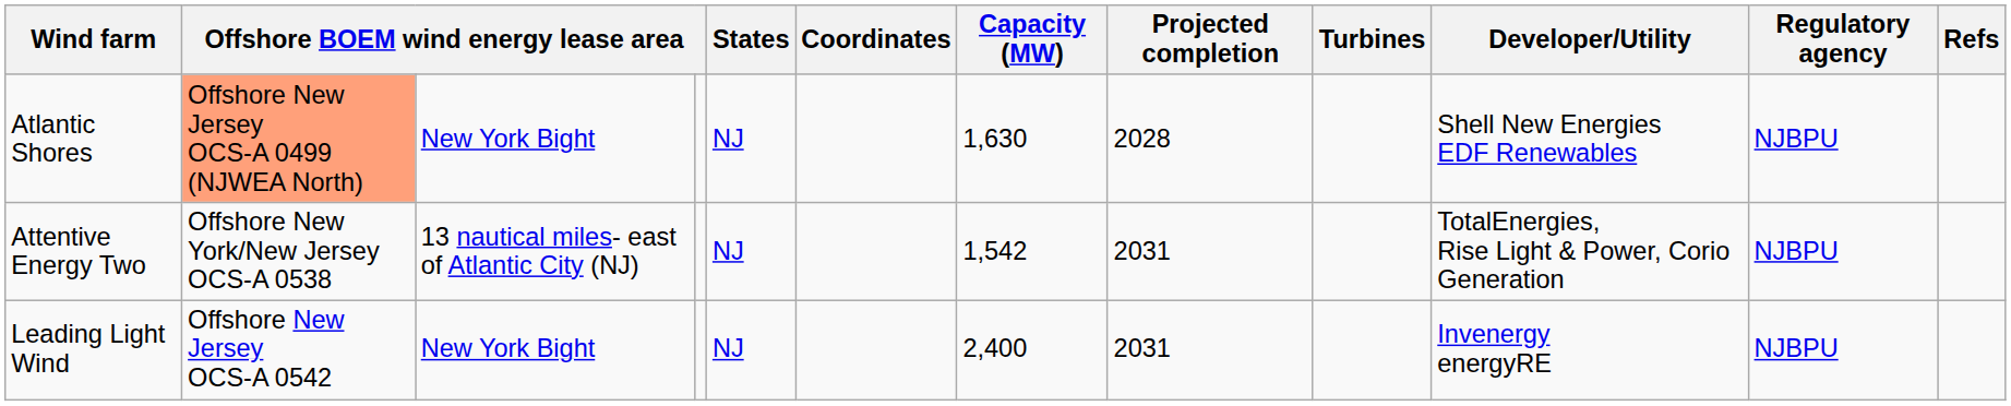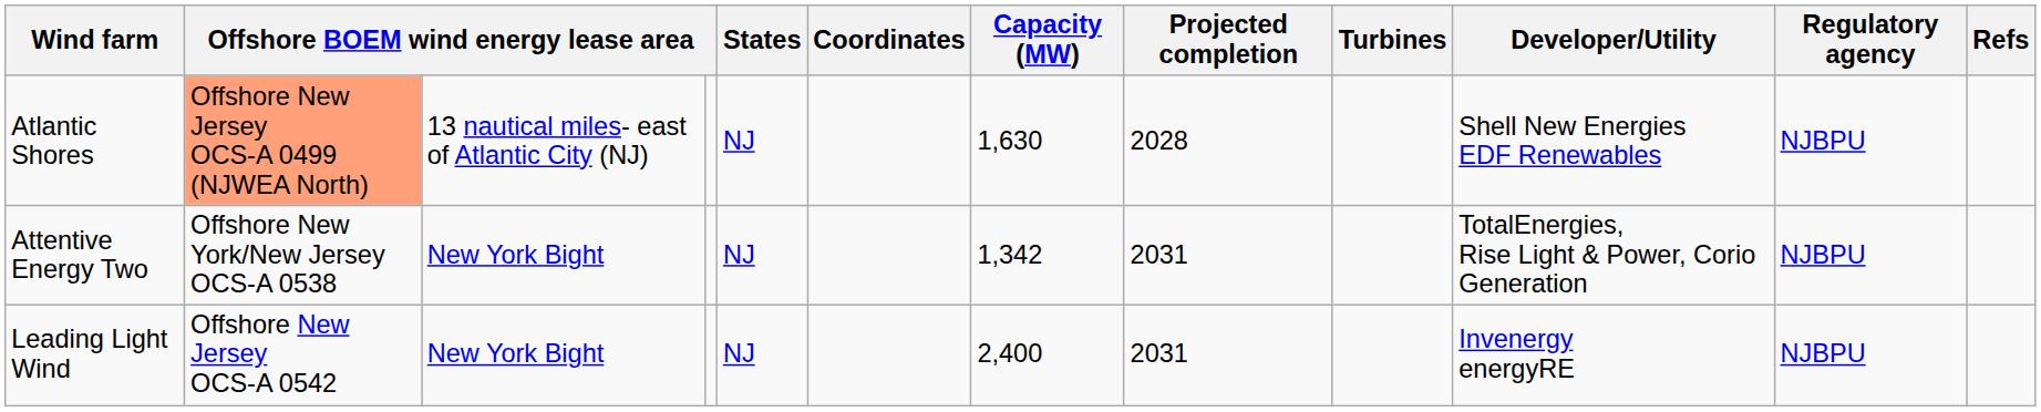 <table class="wikitable sortable">
 <tr>
 <th>Wind farm</th>
 <th colspan="3">Offshore <a href='#'>BOEM</a> wind energy lease area</th>
 <th>States</th>
 <th class="unsortable">Coordinates</th>
 <th><a href='#'>Capacity</a> (<a href='#'>MW</a>)</th>
 <th>Projected completion</th>
 <th>Turbines</th>
 <th>Developer/Utility</th>
 <th>Regulatory agency</th>
 <th>Refs</th>
 </tr>
 <tr>
 <td>Atlantic Shores</td>
 <td style="background: lightsalmon;">Offshore New Jersey<br>OCS-A 0499 (NJWEA North)</td>
-<td><a href='#'>New York Bight</a></td>
+<td>13 <a href='#'>nautical miles</a>- east of <a href='#'>Atlantic City</a> (NJ)</td>
 <td></td>
 <td><a href='#'>NJ</a></td>
 <td></td>
 <td>1,630</td>
 <td>2028</td>
 <td></td>
 <td>Shell New Energies<br><a href='#'>EDF Renewables</a></td>
 <td><a href='#'>NJBPU</a></td>
 <td></td>
 </tr>
 <tr>
 <td>Attentive Energy Two</td>
 <td>Offshore New York/New Jersey<br>OCS-A 0538</td>
-<td>13 <a href='#'>nautical miles</a>- east of <a href='#'>Atlantic City</a> (NJ)</td>
+<td><a href='#'>New York Bight</a></td>
 <td></td>
 <td><a href='#'>NJ</a></td>
 <td></td>
-<td>1,542</td>
+<td>1,342</td>
 <td>2031</td>
 <td></td>
 <td>TotalEnergies,<br>Rise Light & Power, Corio Generation</td>
 <td><a href='#'>NJBPU</a></td>
 <td></td>
 </tr>
 <tr>
 <td>Leading Light Wind</td>
 <td>Offshore <a href='#'>New Jersey</a><br>OCS-A 0542</td>
 <td><a href='#'>New York Bight</a></td>
 <td></td>
 <td><a href='#'>NJ</a></td>
 <td></td>
 <td>2,400</td>
 <td>2031</td>
 <td></td>
 <td><a href='#'>Invenergy</a><br>energyRE</td>
 <td><a href='#'>NJBPU</a></td>
 <td></td>
 </tr>
 </table>
